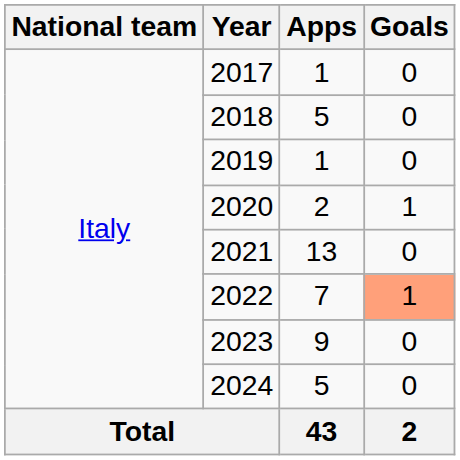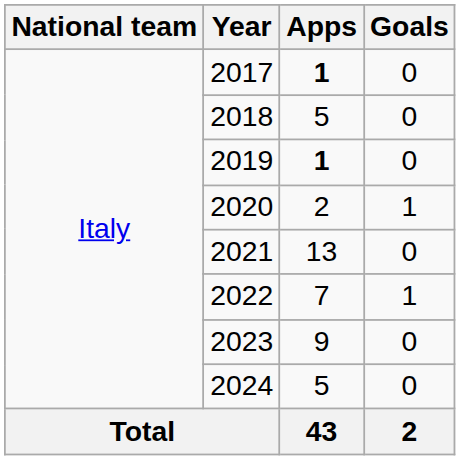 <table class="wikitable" style="text-align:center">
 <tr>
 <th>National team</th>
 <th>Year</th>
 <th>Apps</th>
 <th>Goals</th>
 </tr>
 <tr>
 <td rowspan="8"><a href='#'>Italy</a></td>
 <td>2017</td>
-<td>1</td>
+<td><strong>1</strong></td>
 <td>0</td>
 </tr>
 <tr>
 <td>2018</td>
 <td>5</td>
 <td>0</td>
 </tr>
 <tr>
 <td>2019</td>
-<td>1</td>
+<td><strong>1</strong></td>
 <td>0</td>
 </tr>
 <tr>
 <td>2020</td>
 <td>2</td>
 <td>1</td>
 </tr>
 <tr>
 <td>2021</td>
 <td>13</td>
 <td>0</td>
 </tr>
 <tr>
 <td>2022</td>
 <td>7</td>
-<td style="background: lightsalmon;">1</td>
+<td>1</td>
 </tr>
 <tr>
 <td>2023</td>
 <td>9</td>
 <td>0</td>
 </tr>
 <tr>
 <td>2024</td>
 <td>5</td>
 <td>0</td>
 </tr>
 <tr>
 <th colspan="2">Total</th>
 <th>43</th>
 <th>2</th>
 </tr>
 </table>
